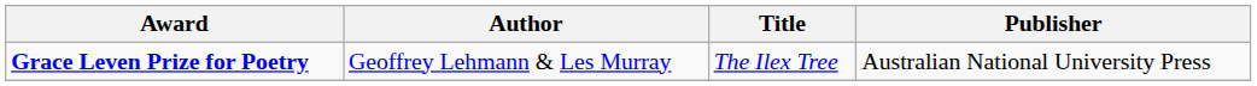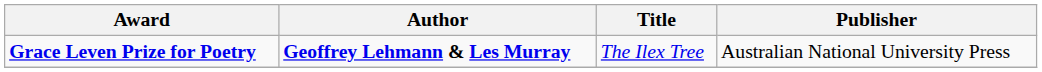 <table class="wikitable" width=95%>
 <tr>
 <th>Award</th>
 <th>Author</th>
 <th>Title</th>
 <th>Publisher</th>
 </tr>
 <tr>
 <td><strong><a href='#'>Grace Leven Prize for Poetry</a></strong></td>
-<td><a href='#'>Geoffrey Lehmann</a> & <a href='#'>Les Murray</a></td>
+<td><strong><a href='#'>Geoffrey Lehmann</a> & <a href='#'>Les Murray</a></strong></td>
 <td><em><a href='#'>The Ilex Tree</a></em></td>
 <td>Australian National University Press</td>
 </tr>
 <tr>
 </tr>
 </table>
